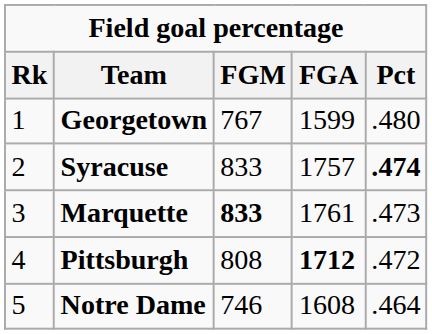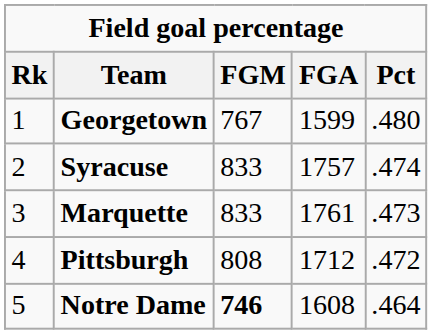 <table class="wikitable" style="white-space:nowrap; font-size:90%;">
 <tr>
 <td colspan=5 style="text-align:center"><strong>Field goal percentage</strong></td>
 </tr>
 <tr>
 <th>Rk</th>
 <th>Team</th>
 <th>FGM</th>
 <th>FGA</th>
 <th>Pct</th>
 </tr>
 <tr>
 <td>1</td>
 <td><strong>Georgetown</strong></td>
 <td>767</td>
 <td>1599</td>
 <td>.480</td>
 </tr>
 <tr>
 <td>2</td>
 <td><strong>Syracuse</strong></td>
 <td>833</td>
 <td>1757</td>
-<td><strong>.474</strong></td>
+<td>.474</td>
 </tr>
 <tr>
 <td>3</td>
 <td><strong>Marquette</strong></td>
-<td><strong>833</strong></td>
+<td>833</td>
 <td>1761</td>
 <td>.473</td>
 </tr>
 <tr>
 <td>4</td>
 <td><strong>Pittsburgh</strong></td>
 <td>808</td>
-<td><strong>1712</strong></td>
+<td>1712</td>
 <td>.472</td>
 </tr>
 <tr>
 <td>5</td>
 <td><strong>Notre Dame</strong></td>
-<td>746</td>
+<td><strong>746</strong></td>
 <td>1608</td>
 <td>.464</td>
 </tr>
 </table>
